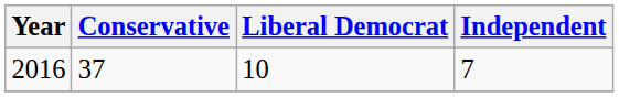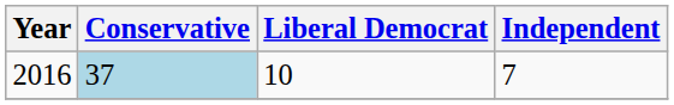 <table class="wikitable">
 <tr>
 <th>Year</th>
 <th><a href='#'>Conservative</a></th>
 <th><a href='#'>Liberal Democrat</a></th>
 <th><a href='#'>Independent</a></th>
 </tr>
 <tr>
 <td>2016</td>
-<td>37</td>
+<td style="background: lightblue;">37</td>
 <td>10</td>
 <td>7</td>
 </tr>
 <tr>
 </tr>
 </table>
